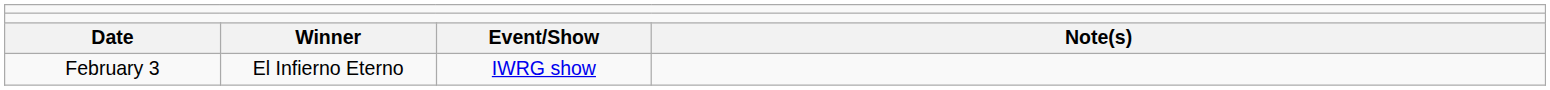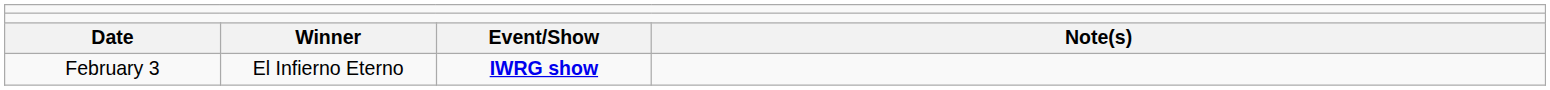 <table class="wikitable" style="text-align:center; width:100%;">
 <tr>
 <td colspan="4"></td>
 </tr>
 <tr>
 <td colspan="4"><strong></strong></td>
 </tr>
 <tr>
 <th width=14%>Date</th>
 <th width=14%>Winner</th>
 <th width=14%>Event/Show</th>
 <th width=58%>Note(s)</th>
 </tr>
 <tr>
 <td>February 3</td>
 <td>El Infierno Eterno<br></td>
-<td><a href='#'>IWRG show</a></td>
+<td><strong><a href='#'>IWRG show</a></strong></td>
 <td></td>
 </tr>
 </table>
